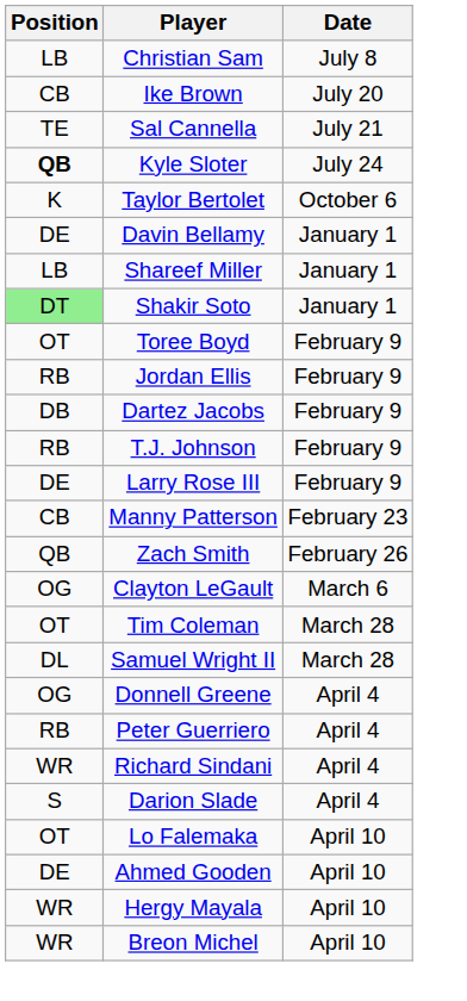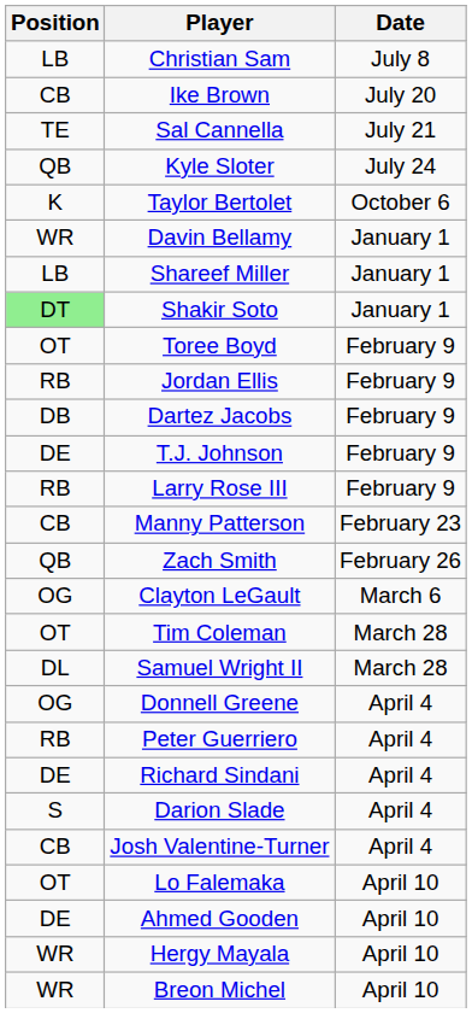 <table class="wikitable" style="text-align:center">
 <tr>
 <th>Position</th>
 <th>Player</th>
 <th>Date</th>
 </tr>
 <tr>
 <td>LB</td>
 <td><a href='#'>Christian Sam</a></td>
 <td>July 8</td>
 </tr>
 <tr>
 <td>CB</td>
 <td><a href='#'>Ike Brown</a></td>
 <td>July 20</td>
 </tr>
 <tr>
 <td>TE</td>
 <td><a href='#'>Sal Cannella</a></td>
 <td>July 21</td>
 </tr>
 <tr>
-<td><strong>QB</strong></td>
+<td>QB</td>
 <td><a href='#'>Kyle Sloter</a></td>
 <td>July 24</td>
 </tr>
 <tr>
 <td>K</td>
 <td><a href='#'>Taylor Bertolet</a></td>
 <td>October 6</td>
 </tr>
 <tr>
-<td>DE</td>
+<td>WR</td>
 <td><a href='#'>Davin Bellamy</a></td>
 <td>January 1</td>
 </tr>
 <tr>
 <td>LB</td>
 <td><a href='#'>Shareef Miller</a></td>
 <td>January 1</td>
 </tr>
 <tr>
 <td style="background: lightgreen;">DT</td>
 <td><a href='#'>Shakir Soto</a></td>
 <td>January 1</td>
 </tr>
 <tr>
 <td>OT</td>
 <td><a href='#'>Toree Boyd</a></td>
 <td>February 9</td>
 </tr>
 <tr>
 <td>RB</td>
 <td><a href='#'>Jordan Ellis</a></td>
 <td>February 9</td>
 </tr>
 <tr>
 <td>DB</td>
 <td><a href='#'>Dartez Jacobs</a></td>
 <td>February 9</td>
 </tr>
 <tr>
-<td>RB</td>
+<td>DE</td>
 <td><a href='#'>T.J. Johnson</a></td>
 <td>February 9</td>
 </tr>
 <tr>
-<td>DE</td>
+<td>RB</td>
 <td><a href='#'>Larry Rose III</a></td>
 <td>February 9</td>
 </tr>
 <tr>
 <td>CB</td>
 <td><a href='#'>Manny Patterson</a></td>
 <td>February 23</td>
 </tr>
 <tr>
 <td>QB</td>
 <td><a href='#'>Zach Smith</a></td>
 <td>February 26</td>
 </tr>
 <tr>
 <td>OG</td>
 <td><a href='#'>Clayton LeGault</a></td>
 <td>March 6</td>
 </tr>
 <tr>
 <td>OT</td>
 <td><a href='#'>Tim Coleman</a></td>
 <td>March 28</td>
 </tr>
 <tr>
 <td>DL</td>
 <td><a href='#'>Samuel Wright II</a></td>
 <td>March 28</td>
 </tr>
 <tr>
 <td>OG</td>
 <td><a href='#'>Donnell Greene</a></td>
 <td>April 4</td>
 </tr>
 <tr>
 <td>RB</td>
 <td><a href='#'>Peter Guerriero</a></td>
 <td>April 4</td>
 </tr>
 <tr>
-<td>WR</td>
+<td>DE</td>
 <td><a href='#'>Richard Sindani</a></td>
 <td>April 4</td>
 </tr>
 <tr>
 <td>S</td>
 <td><a href='#'>Darion Slade</a></td>
+<td>April 4</td>
+</tr>
+<tr>
+<td>CB</td>
+<td><a href='#'>Josh Valentine-Turner</a></td>
 <td>April 4</td>
 </tr>
 <tr>
 <td>OT</td>
 <td><a href='#'>Lo Falemaka</a></td>
 <td>April 10</td>
 </tr>
 <tr>
 <td>DE</td>
 <td><a href='#'>Ahmed Gooden</a></td>
 <td>April 10</td>
 </tr>
 <tr>
 <td>WR</td>
 <td><a href='#'>Hergy Mayala</a></td>
 <td>April 10</td>
 </tr>
 <tr>
 <td>WR</td>
 <td><a href='#'>Breon Michel</a></td>
 <td>April 10</td>
 </tr>
 </table>
